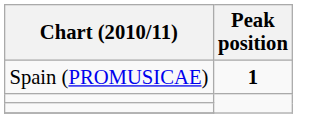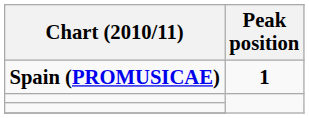 <table class="wikitable sortable">
 <tr>
 <th scope="col">Chart (2010/11)</th>
 <th scope="col">Peak<br>position</th>
 </tr>
 <tr>
-<td>Spain (<a href='#'>PROMUSICAE</a>)</td>
+<td><strong>Spain (<a href='#'>PROMUSICAE</a>)</strong></td>
 <td align="center"><strong>1</strong></td>
 </tr>
 <tr>
 <td></td>
 </tr>
 <tr>
 <td></td>
 </tr>
 <tr>
 </tr>
 </table>
